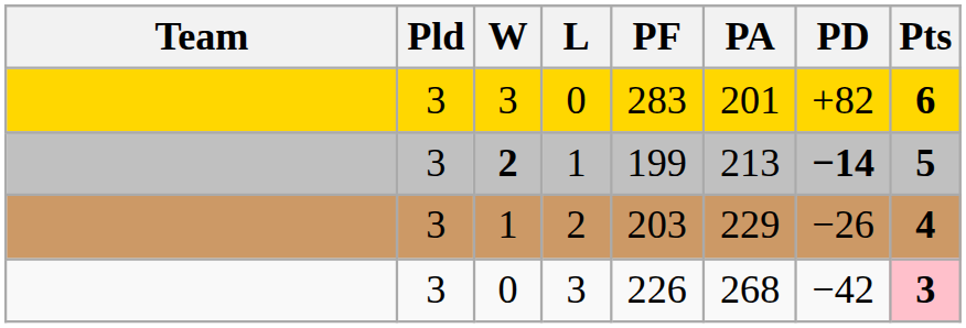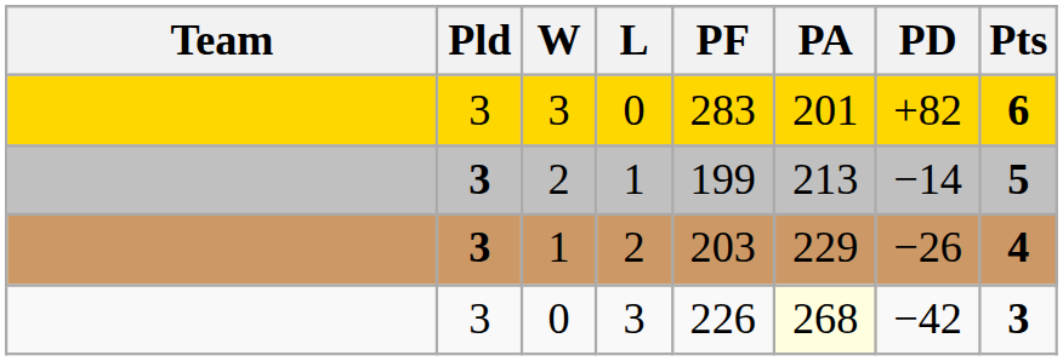 <table class=wikitable>
 <tr align=center>
 </tr>
 <tr>
 <th width=150>Team</th>
 <th width=20>Pld</th>
 <th width=20>W</th>
 <th width=20>L</th>
 <th width=30>PF</th>
 <th width=30>PA</th>
 <th width=30>PD</th>
 <th width=20>Pts</th>
 </tr>
 <tr align=center bgcolor=gold>
 <td align=left></td>
 <td>3</td>
 <td>3</td>
 <td>0</td>
 <td>283</td>
 <td>201</td>
 <td>+82</td>
 <td><strong>6</strong></td>
 </tr>
 <tr align=center bgcolor=silver>
 <td align=left></td>
-<td>3</td>
-<td><strong>2</strong></td>
+<td><strong>3</strong></td>
+<td>2</td>
 <td>1</td>
 <td>199</td>
 <td>213</td>
-<td><strong>−14</strong></td>
+<td>−14</td>
 <td><strong>5</strong></td>
 </tr>
 <tr align=center bgcolor=cc9966>
 <td align=left></td>
-<td>3</td>
+<td><strong>3</strong></td>
 <td>1</td>
 <td>2</td>
 <td>203</td>
 <td>229</td>
 <td>−26</td>
 <td><strong>4</strong></td>
 </tr>
 <tr align=center>
 <td align=left></td>
 <td>3</td>
 <td>0</td>
 <td>3</td>
 <td>226</td>
-<td>268</td>
+<td style="background: lightyellow;">268</td>
 <td>−42</td>
-<td style="background: pink;"><strong>3</strong></td>
+<td><strong>3</strong></td>
 </tr>
 </table>
